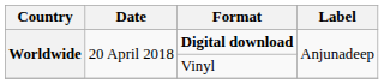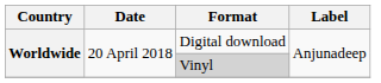 <table class="wikitable plainrowheaders">
 <tr>
 <th>Country</th>
 <th>Date</th>
 <th>Format</th>
 <th>Label</th>
 </tr>
 <tr>
 <th scope="row" rowspan="2">Worldwide</th>
 <td rowspan="2">20 April 2018</td>
-<td><strong>Digital download</strong></td>
+<td>Digital download</td>
 <td rowspan="2">Anjunadeep</td>
 </tr>
 <tr>
-<td>Vinyl</td>
+<td style="background: lightgrey;">Vinyl</td>
 </tr>
 <tr>
 </tr>
 </table>
